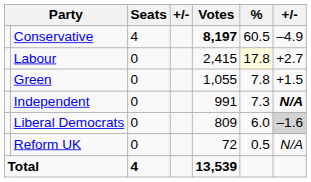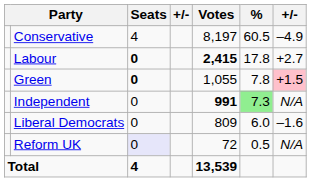 <table class="wikitable sortable">
 <tr>
 <th colspan="2">Party</th>
 <th>Seats</th>
 <th>+/-</th>
 <th>Votes</th>
 <th>%</th>
 <th>+/-</th>
 </tr>
 <tr>
 <td style="background-color: "></td>
 <td><a href='#'>Conservative</a></td>
 <td>4</td>
 <td></td>
-<td style="text-align:right;"><strong>8,197</strong></td>
+<td style="text-align:right;">8,197</td>
 <td style="text-align:right;">60.5</td>
 <td style="text-align:right;">–4.9</td>
 </tr>
 <tr>
 <td style="background-color: "></td>
 <td><a href='#'>Labour</a></td>
-<td>0</td>
+<td><strong>0</strong></td>
 <td></td>
-<td style="text-align:right;">2,415</td>
-<td style="background: lightyellow; text-align:right;">17.8</td>
+<td style="text-align:right;"><strong>2,415</strong></td>
+<td style="text-align:right;">17.8</td>
 <td style="text-align:right;">+2.7</td>
 </tr>
 <tr>
 <td style="background-color: "></td>
 <td><a href='#'>Green</a></td>
-<td>0</td>
+<td><strong>0</strong></td>
 <td></td>
 <td style="text-align:right;">1,055</td>
 <td style="text-align:right;">7.8</td>
-<td style="text-align:right;">+1.5</td>
+<td style="background: pink; text-align:right;">+1.5</td>
 </tr>
 <tr>
 <td style="background-color: "></td>
 <td><a href='#'>Independent</a></td>
 <td>0</td>
 <td></td>
-<td style="text-align:right;">991</td>
-<td style="text-align:right;">7.3</td>
-<td style="text-align:right;"><strong><em>N/A</em></strong></td>
+<td style="text-align:right;"><strong>991</strong></td>
+<td style="background: lightgreen; text-align:right;">7.3</td>
+<td style="text-align:right;"><em>N/A</em></td>
 </tr>
 <tr>
 <td style="background-color: "></td>
 <td><a href='#'>Liberal Democrats</a></td>
 <td>0</td>
 <td></td>
 <td style="text-align:right;">809</td>
 <td style="text-align:right;">6.0</td>
-<td style="background: lightgrey; text-align:right;">–1.6</td>
+<td style="text-align:right;">–1.6</td>
 </tr>
 <tr>
 <td style="background-color: "></td>
 <td><a href='#'>Reform UK</a></td>
-<td>0</td>
+<td style="background: lavender;">0</td>
 <td></td>
 <td style="text-align:right;">72</td>
 <td style="text-align:right;">0.5</td>
 <td style="text-align:right;"><em>N/A</em></td>
 </tr>
 <tr>
 <td colspan="2"><strong>Total</strong></td>
 <td><strong>4</strong></td>
 <td></td>
 <td style="text-align:right;"><strong>13,539</strong></td>
 <td style="text-align:right;"></td>
 <td style="text-align:right;"></td>
 </tr>
 </table>
